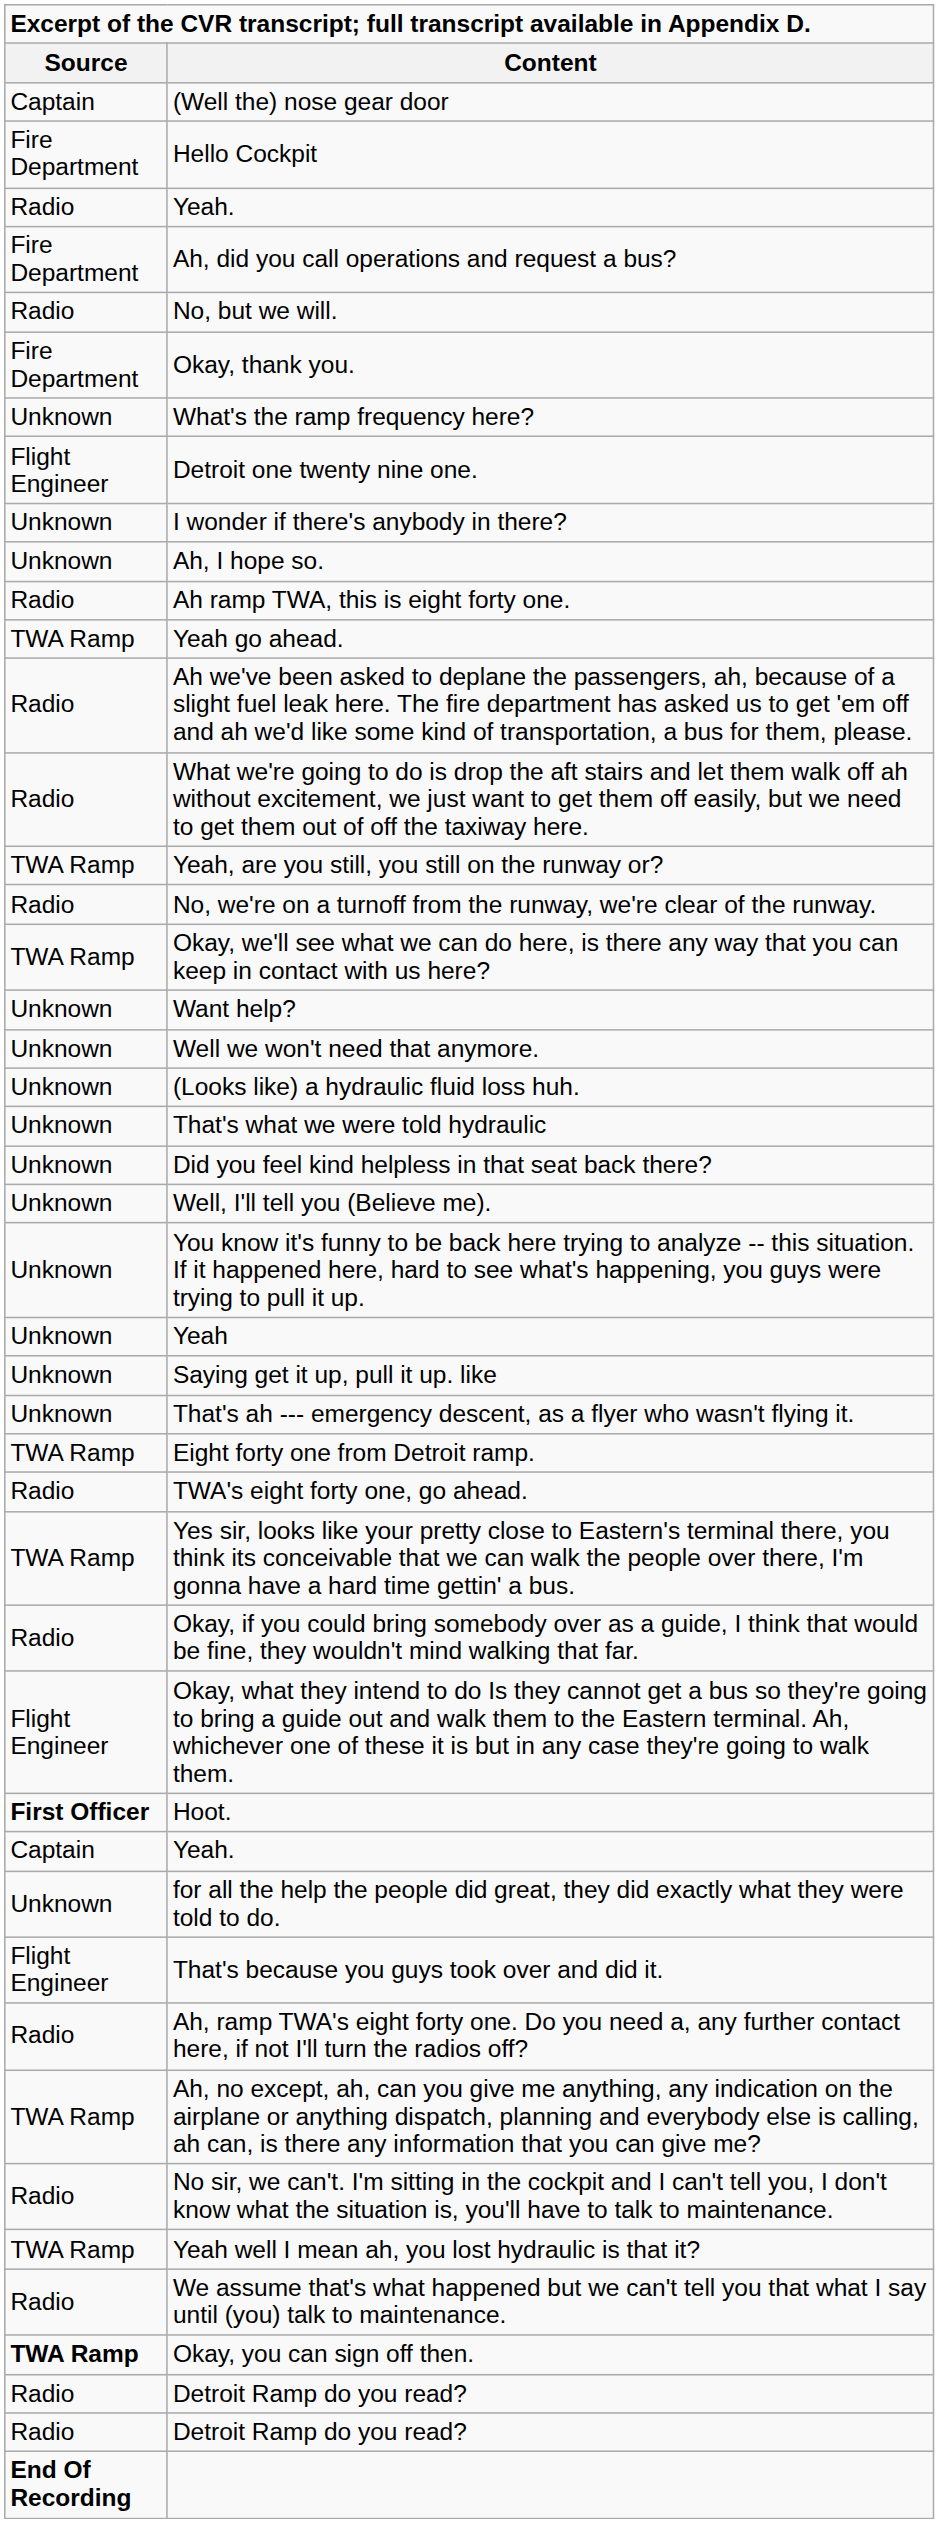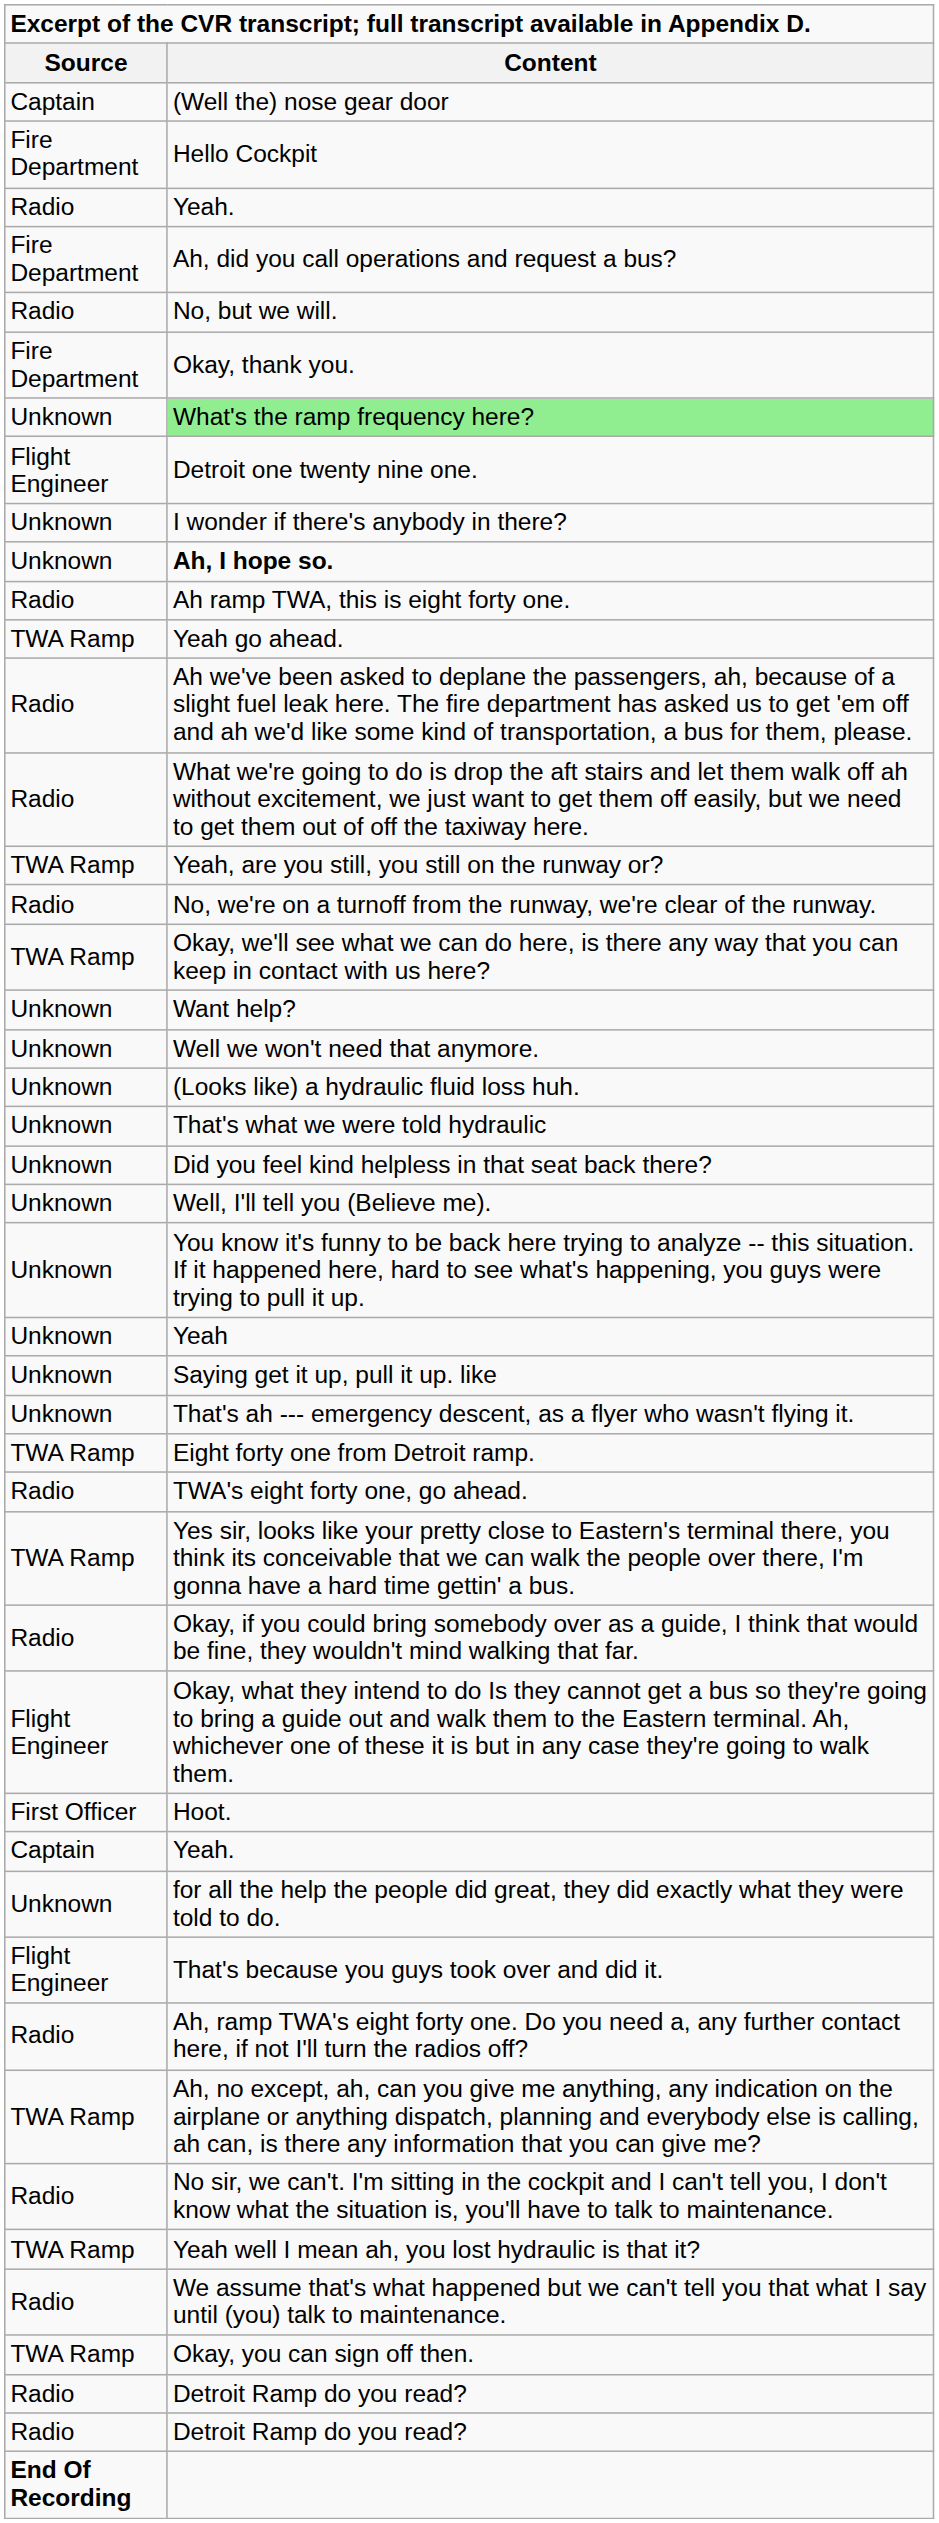 <table class="wikitable mw-collapsible">
 <tr>
 <td colspan="3"><strong>Excerpt of the CVR transcript; full transcript available in Appendix D.</strong></td>
 </tr>
 <tr>
 <th>Source</th>
 <th>Content</th>
 </tr>
 <tr>
 <td>Captain</td>
 <td>(Well the) nose gear door</td>
 </tr>
 <tr>
 <td>Fire Department</td>
 <td>Hello Cockpit</td>
 </tr>
 <tr>
 <td>Radio</td>
 <td>Yeah.</td>
 </tr>
 <tr>
 <td>Fire Department</td>
 <td>Ah, did you call operations and request a bus?</td>
 </tr>
 <tr>
 <td>Radio</td>
 <td>No, but we will.</td>
 </tr>
 <tr>
 <td>Fire Department</td>
 <td>Okay, thank you.</td>
 </tr>
 <tr>
 <td>Unknown</td>
-<td>What's the ramp frequency here?</td>
+<td style="background: lightgreen;">What's the ramp frequency here?</td>
 </tr>
 <tr>
 <td>Flight Engineer</td>
 <td>Detroit one twenty nine one.</td>
 </tr>
 <tr>
 <td>Unknown</td>
 <td>I wonder if there's anybody in there?</td>
 </tr>
 <tr>
 <td>Unknown</td>
-<td>Ah, I hope so.</td>
+<td><strong>Ah, I hope so.</strong></td>
 </tr>
 <tr>
 <td>Radio</td>
 <td>Ah ramp TWA, this is eight forty one.</td>
 </tr>
 <tr>
 <td>TWA Ramp</td>
 <td>Yeah go ahead.</td>
 </tr>
 <tr>
 <td>Radio</td>
 <td>Ah we've been asked to deplane the passengers, ah, because of a slight fuel leak here. The fire department has asked us to get 'em off and ah we'd like some kind of transportation, a bus for them, please.</td>
 </tr>
 <tr>
 <td>Radio</td>
 <td>What we're going to do is drop the aft stairs and let them walk off ah without excitement, we just want to get them off easily, but we need to get them out of off the taxiway here.</td>
 </tr>
 <tr>
 <td>TWA Ramp</td>
 <td>Yeah, are you still, you still on the runway or?</td>
 </tr>
 <tr>
 <td>Radio</td>
 <td>No, we're on a turnoff from the runway, we're clear of the runway.</td>
 </tr>
 <tr>
 <td>TWA Ramp</td>
 <td>Okay, we'll see what we can do here, is there any way that you can keep in contact with us here?</td>
 </tr>
 <tr>
 <td>Unknown</td>
 <td>Want help?</td>
 </tr>
 <tr>
 <td>Unknown</td>
 <td>Well we won't need that anymore.</td>
 </tr>
 <tr>
 <td>Unknown</td>
 <td>(Looks like) a hydraulic fluid loss huh.</td>
 </tr>
 <tr>
 <td>Unknown</td>
 <td>That's what we were told hydraulic</td>
 </tr>
 <tr>
 <td>Unknown</td>
 <td>Did you feel kind helpless in that seat back there?</td>
 </tr>
 <tr>
 <td>Unknown</td>
 <td>Well, I'll tell you (Believe me).</td>
 </tr>
 <tr>
 <td>Unknown</td>
 <td>You know it's funny to be back here trying to analyze -- this situation. If it happened here, hard to see what's happening, you guys were trying to pull it up.</td>
 </tr>
 <tr>
 <td>Unknown</td>
 <td>Yeah</td>
 </tr>
 <tr>
 <td>Unknown</td>
 <td>Saying get it up, pull it up. like</td>
 </tr>
 <tr>
 <td>Unknown</td>
 <td>That's ah --- emergency descent, as a flyer who wasn't flying it.</td>
 </tr>
 <tr>
 <td>TWA Ramp</td>
 <td>Eight forty one from Detroit ramp.</td>
 </tr>
 <tr>
 <td>Radio</td>
 <td>TWA's eight forty one, go ahead.</td>
 </tr>
 <tr>
 <td>TWA Ramp</td>
 <td>Yes sir, looks like your pretty close to Eastern's terminal there, you think its conceivable that we can walk the people over there, I'm gonna have a hard time gettin' a bus.</td>
 </tr>
 <tr>
 <td>Radio</td>
 <td>Okay, if you could bring somebody over as a guide, I think that would be fine, they wouldn't mind walking that far.</td>
 </tr>
 <tr>
 <td>Flight Engineer</td>
 <td>Okay, what they intend to do Is they cannot get a bus so they're going to bring a guide out and walk them to the Eastern terminal. Ah, whichever one of these it is but in any case they're going to walk them.</td>
 </tr>
 <tr>
-<td><strong>First Officer</strong></td>
+<td>First Officer</td>
 <td>Hoot.</td>
 </tr>
 <tr>
 <td>Captain</td>
 <td>Yeah.</td>
 </tr>
 <tr>
 <td>Unknown</td>
 <td>for all the help the people did great, they did exactly what they were told to do.</td>
 </tr>
 <tr>
 <td>Flight Engineer</td>
 <td>That's because you guys took over and did it.</td>
 </tr>
 <tr>
 <td>Radio</td>
 <td>Ah, ramp TWA's eight forty one. Do you need a, any further contact here, if not I'll turn the radios off?</td>
 </tr>
 <tr>
 <td>TWA Ramp</td>
 <td>Ah, no except, ah, can you give me anything, any indication on the airplane or anything dispatch, planning and everybody else is calling, ah can, is there any information that you can give me?</td>
 </tr>
 <tr>
 <td>Radio</td>
 <td>No sir, we can't. I'm sitting in the cockpit and I can't tell you, I don't know what the situation is, you'll have to talk to maintenance.</td>
 </tr>
 <tr>
 <td>TWA Ramp</td>
 <td>Yeah well I mean ah, you lost hydraulic is that it?</td>
 </tr>
 <tr>
 <td>Radio</td>
 <td>We assume that's what happened but we can't tell you that what I say until (you) talk to maintenance.</td>
 </tr>
 <tr>
-<td><strong>TWA Ramp</strong></td>
+<td>TWA Ramp</td>
 <td>Okay, you can sign off then.</td>
 </tr>
 <tr>
 <td>Radio</td>
 <td>Detroit Ramp do you read?</td>
 </tr>
 <tr>
 <td>Radio</td>
 <td>Detroit Ramp do you read?</td>
 </tr>
 <tr>
 <td><strong>End Of Recording</strong></td>
 <td></td>
 </tr>
 </table>
